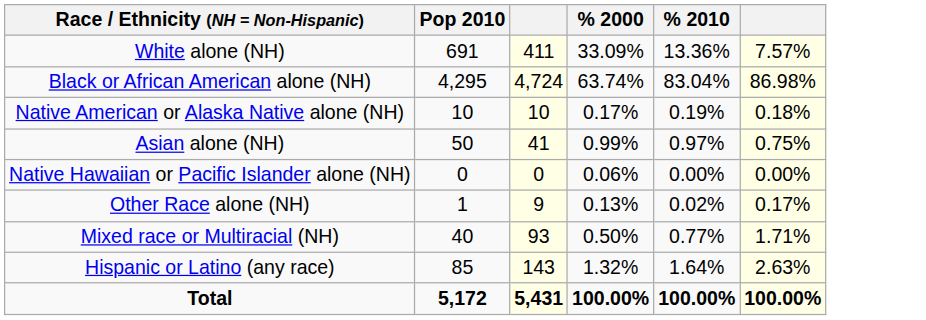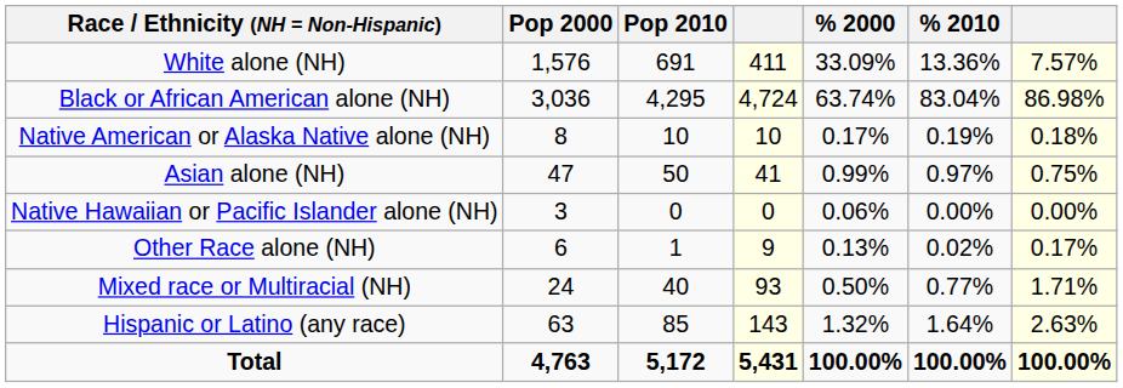 <table class="wikitable" style="text-align:center;">
 <tr>
 <th>Race / Ethnicity <small>(<em>NH = Non-Hispanic</em>)</small></th>
+<th>Pop 2000</th>
 <th>Pop 2010</th>
 <th></th>
 <th>% 2000</th>
 <th>% 2010</th>
 <th></th>
 </tr>
 <tr>
 <td><a href='#'>White</a> alone (NH)</td>
+<td>1,576</td>
 <td>691</td>
 <td style='background: #ffffe6;'>411</td>
 <td>33.09%</td>
 <td>13.36%</td>
 <td style='background: #ffffe6;'>7.57%</td>
 </tr>
 <tr>
 <td><a href='#'>Black or African American</a> alone (NH)</td>
+<td>3,036</td>
 <td>4,295</td>
 <td style='background: #ffffe6;'>4,724</td>
 <td>63.74%</td>
 <td>83.04%</td>
 <td style='background: #ffffe6;'>86.98%</td>
 </tr>
 <tr>
 <td><a href='#'>Native American</a> or <a href='#'>Alaska Native</a> alone (NH)</td>
+<td>8</td>
 <td>10</td>
 <td style='background: #ffffe6;'>10</td>
 <td>0.17%</td>
 <td>0.19%</td>
 <td style='background: #ffffe6;'>0.18%</td>
 </tr>
 <tr>
 <td><a href='#'>Asian</a> alone (NH)</td>
+<td>47</td>
 <td>50</td>
 <td style='background: #ffffe6;'>41</td>
 <td>0.99%</td>
 <td>0.97%</td>
 <td style='background: #ffffe6;'>0.75%</td>
 </tr>
 <tr>
 <td><a href='#'>Native Hawaiian</a> or <a href='#'>Pacific Islander</a> alone (NH)</td>
+<td>3</td>
 <td>0</td>
 <td style='background: #ffffe6;'>0</td>
 <td>0.06%</td>
 <td>0.00%</td>
 <td style='background: #ffffe6;'>0.00%</td>
 </tr>
 <tr>
 <td><a href='#'>Other Race</a> alone (NH)</td>
+<td>6</td>
 <td>1</td>
 <td style='background: #ffffe6;'>9</td>
 <td>0.13%</td>
 <td>0.02%</td>
 <td style='background: #ffffe6;'>0.17%</td>
 </tr>
 <tr>
 <td><a href='#'>Mixed race or Multiracial</a> (NH)</td>
+<td>24</td>
 <td>40</td>
 <td style='background: #ffffe6;'>93</td>
 <td>0.50%</td>
 <td>0.77%</td>
 <td style='background: #ffffe6;'>1.71%</td>
 </tr>
 <tr>
 <td><a href='#'>Hispanic or Latino</a> (any race)</td>
+<td>63</td>
 <td>85</td>
 <td style='background: #ffffe6;'>143</td>
 <td>1.32%</td>
 <td>1.64%</td>
 <td style='background: #ffffe6;'>2.63%</td>
 </tr>
 <tr>
 <td><strong>Total</strong></td>
+<td><strong>4,763</strong></td>
 <td><strong>5,172</strong></td>
 <td style='background: #ffffe6;'><strong>5,431</strong></td>
 <td><strong>100.00%</strong></td>
 <td><strong>100.00%</strong></td>
 <td style='background: #ffffe6;'><strong>100.00%</strong></td>
 </tr>
 </table>
